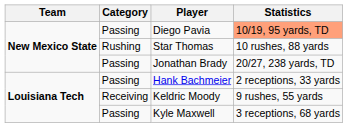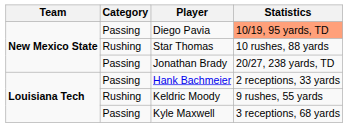 <table class="wikitable" style="float: right;">
 <tr>
 <th>Team</th>
 <th>Category</th>
 <th>Player</th>
 <th>Statistics</th>
 </tr>
 <tr>
 <td rowspan=3><strong>New Mexico State</strong></td>
 <td>Passing</td>
 <td>Diego Pavia</td>
 <td style="background: lightsalmon;">10/19, 95 yards, TD</td>
 </tr>
 <tr>
 <td>Rushing</td>
 <td>Star Thomas</td>
 <td>10 rushes, 88 yards</td>
 </tr>
 <tr>
 <td>Passing</td>
 <td>Jonathan Brady</td>
 <td>20/27, 238 yards, TD</td>
 </tr>
 <tr>
 <td rowspan=3><strong>Louisiana Tech</strong></td>
 <td>Passing</td>
 <td><a href='#'>Hank Bachmeier</a></td>
 <td>2 receptions, 33 yards</td>
 </tr>
 <tr>
-<td>Receiving</td>
+<td>Rushing</td>
 <td>Keldric Moody</td>
 <td>9 rushes, 55 yards</td>
 </tr>
 <tr>
 <td>Passing</td>
 <td>Kyle Maxwell</td>
 <td>3 receptions, 68 yards</td>
 </tr>
 </table>
